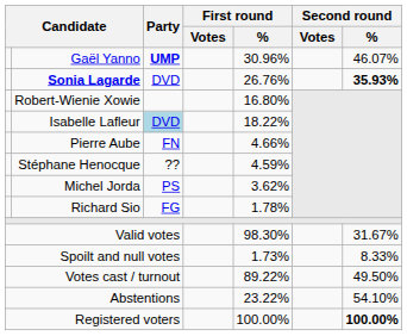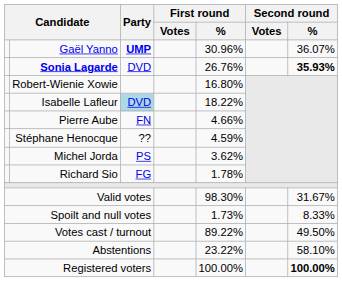 <table class="wikitable" style="text-align:right;font-size:95%;">
 <tr>
 <th rowspan=2 colspan=2>Candidate</th>
 <th rowspan=2 colspan=1>Party</th>
 <th colspan=2>First round</th>
 <th colspan=2>Second round</th>
 </tr>
 <tr>
 <th style="width:50px;">Votes</th>
 <th style="width:55px;">%</th>
 <th style="width:50px;">Votes</th>
 <th style="width:55px;">%</th>
 </tr>
 <tr>
 <td style="color:inherit;background-color:"></td>
 <td><a href='#'>Gaël Yanno</a></td>
 <td><strong><a href='#'>UMP</a></strong></td>
 <td></td>
 <td>30.96%</td>
 <td></td>
-<td>46.07%</td>
+<td>36.07%</td>
 </tr>
 <tr>
 <td style="color:inherit;background-color:"></td>
 <td><strong><a href='#'>Sonia Lagarde</a></strong></td>
 <td><a href='#'>DVD</a></td>
 <td></td>
 <td>26.76%</td>
 <td><strong></strong></td>
 <td><strong>35.93%</strong></td>
 </tr>
 <tr>
 <td style="background-color:;"></td>
 <td>Robert-Wienie Xowie</td>
 <td></td>
 <td></td>
 <td>16.80%</td>
 <td colspan=7 rowspan=6 style="background-color:#E9E9E9;"></td>
 </tr>
 <tr>
 <td style="color:inherit;background-color:"></td>
 <td>Isabelle Lafleur</td>
 <td style="background: lightblue;"><a href='#'>DVD</a></td>
 <td></td>
 <td>18.22%</td>
 </tr>
 <tr>
 <td style="color:inherit;background-color:"></td>
 <td>Pierre Aube</td>
 <td><a href='#'>FN</a></td>
 <td></td>
 <td>4.66%</td>
 </tr>
 <tr>
 <td style="background-color:;"></td>
 <td>Stéphane Henocque</td>
 <td>??</td>
 <td></td>
 <td>4.59%</td>
 </tr>
 <tr>
 <td style="color:inherit;background-color:"></td>
 <td>Michel Jorda</td>
 <td><a href='#'>PS</a></td>
 <td></td>
 <td>3.62%</td>
 </tr>
 <tr>
 <td style="color:inherit;background-color:"></td>
 <td>Richard Sio</td>
 <td><a href='#'>FG</a></td>
 <td></td>
 <td>1.78%</td>
 </tr>
 <tr>
 <td colspan=7 style="background-color:#E9E9E9;"></td>
 </tr>
 <tr>
 <td colspan=3>Valid votes</td>
 <td></td>
 <td>98.30%</td>
 <td></td>
 <td>31.67%</td>
 </tr>
 <tr>
 <td colspan=3>Spoilt and null votes</td>
 <td></td>
 <td>1.73%</td>
 <td></td>
 <td>8.33%</td>
 </tr>
 <tr>
 <td colspan=3>Votes cast / turnout</td>
 <td></td>
 <td>89.22%</td>
 <td></td>
 <td>49.50%</td>
 </tr>
 <tr>
 <td colspan=3>Abstentions</td>
 <td></td>
 <td>23.22%</td>
 <td></td>
-<td>54.10%</td>
+<td>58.10%</td>
 </tr>
 <tr>
 <td colspan=3>Registered voters</td>
 <td></td>
 <td>100.00%</td>
 <td></td>
 <td><strong>100.00%</strong></td>
 </tr>
 </table>
